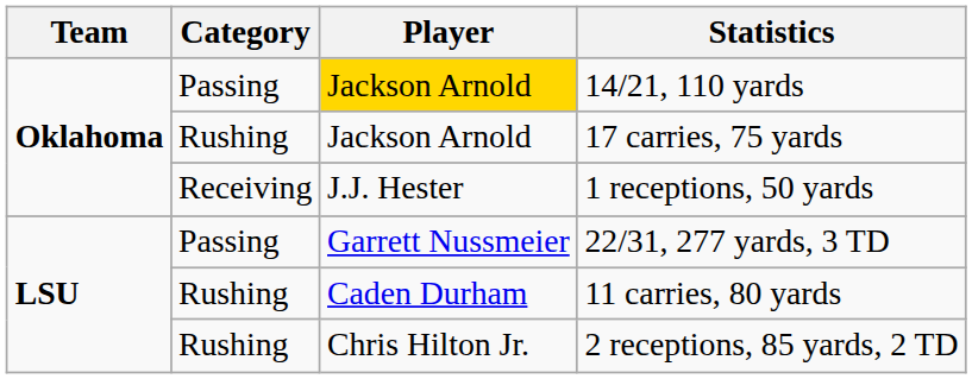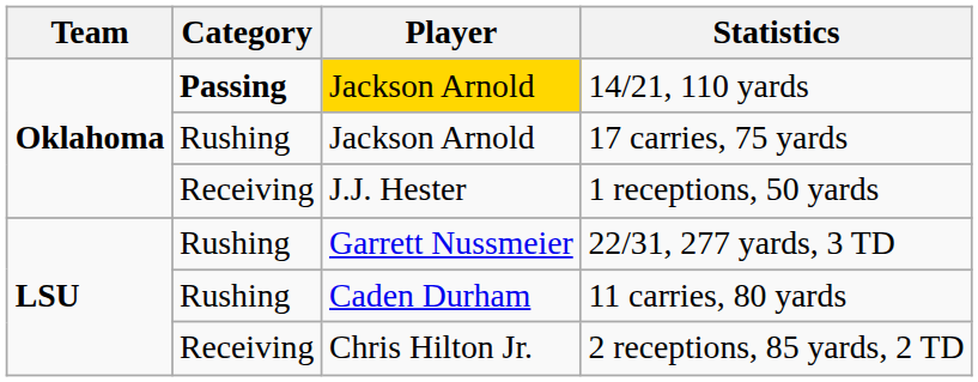 <table class="wikitable" style="float: right;">
 <tr>
 <th>Team</th>
 <th>Category</th>
 <th>Player</th>
 <th>Statistics</th>
 </tr>
 <tr>
 <td rowspan=3><strong>Oklahoma  </strong></td>
-<td>Passing</td>
+<td><strong>Passing</strong></td>
 <td style="background: gold;">Jackson Arnold</td>
 <td>14/21, 110 yards</td>
 </tr>
 <tr>
 <td>Rushing</td>
 <td>Jackson Arnold</td>
 <td>17 carries, 75 yards</td>
 </tr>
 <tr>
 <td>Receiving</td>
 <td>J.J. Hester</td>
 <td>1 receptions, 50 yards</td>
 </tr>
 <tr>
 <td rowspan=3><strong>LSU</strong></td>
-<td>Passing</td>
+<td>Rushing</td>
 <td><a href='#'>Garrett Nussmeier</a></td>
 <td>22/31, 277 yards, 3 TD</td>
 </tr>
 <tr>
 <td>Rushing</td>
 <td><a href='#'>Caden Durham</a></td>
 <td>11 carries, 80 yards</td>
 </tr>
 <tr>
-<td>Rushing</td>
+<td>Receiving</td>
 <td>Chris Hilton Jr.</td>
 <td>2 receptions, 85 yards, 2 TD</td>
 </tr>
 </table>
